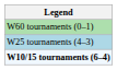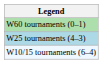 <table class="wikitable" style="font-size:85%">
 <tr>
 <th>Legend</th>
 </tr>
 <tr style="background:#addfad;">
 <td>W60 tournaments (0–1)</td>
 </tr>
 <tr style="background:lightblue;">
 <td>W25 tournaments (4–3)</td>
 </tr>
 <tr style="background:#f0f8ff;">
-<td><strong>W10/15 tournaments (6–4)</strong></td>
+<td>W10/15 tournaments (6–4)</td>
 </tr>
 </table>
